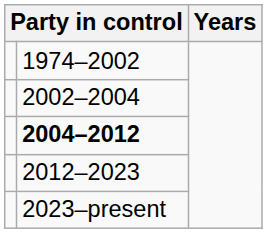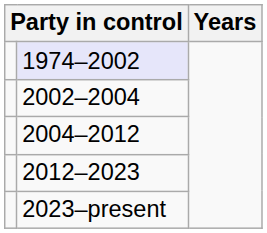 <table class="wikitable">
 <tr>
 <th colspan="2">Party in control</th>
 <th>Years</th>
 </tr>
 <tr>
 <td></td>
-<td>1974–2002</td>
+<td style="background: lavender;">1974–2002</td>
 </tr>
 <tr>
 <td></td>
 <td>2002–2004</td>
 </tr>
 <tr>
 <td></td>
-<td><strong>2004–2012</strong></td>
+<td>2004–2012</td>
 </tr>
 <tr>
 <td></td>
 <td>2012–2023</td>
 </tr>
 <tr>
 <td></td>
 <td>2023–present</td>
 </tr>
 </table>
